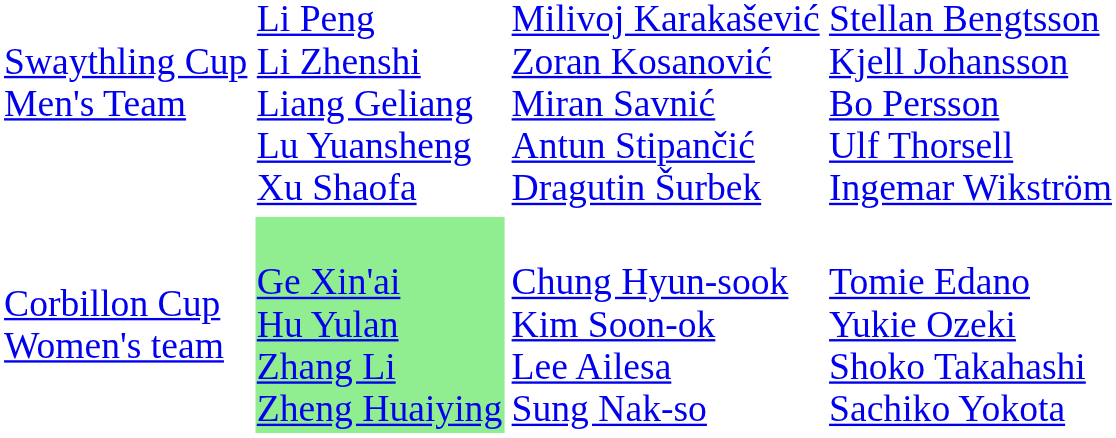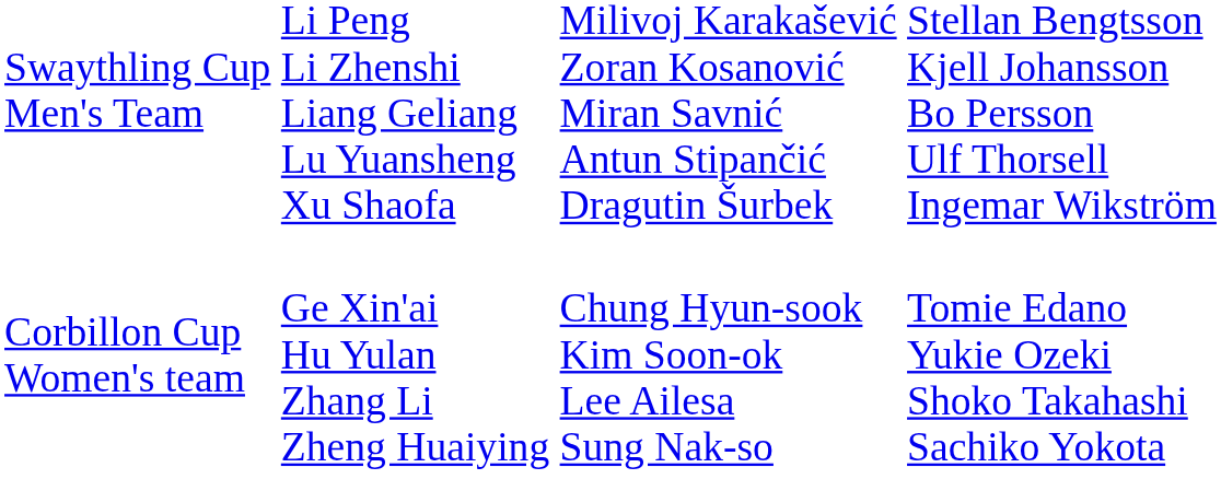 <table>
 <tr>
 <td><a href='#'>Swaythling Cup<br>Men's Team</a></td>
 <td><br><a href='#'>Li Peng</a><br><a href='#'>Li Zhenshi</a><br><a href='#'>Liang Geliang</a><br><a href='#'>Lu Yuansheng</a><br><a href='#'>Xu Shaofa</a></td>
 <td><br><a href='#'>Milivoj Karakašević</a><br><a href='#'>Zoran Kosanović</a><br><a href='#'>Miran Savnić</a><br><a href='#'>Antun Stipančić</a><br><a href='#'>Dragutin Šurbek</a></td>
 <td><br><a href='#'>Stellan Bengtsson</a><br><a href='#'>Kjell Johansson</a><br><a href='#'>Bo Persson</a><br><a href='#'>Ulf Thorsell</a><br><a href='#'>Ingemar Wikström</a></td>
 </tr>
 <tr>
 <td><a href='#'>Corbillon Cup<br>Women's team</a></td>
-<td style="background: lightgreen;"><br><a href='#'>Ge Xin'ai</a><br><a href='#'>Hu Yulan</a><br><a href='#'>Zhang Li</a><br><a href='#'>Zheng Huaiying</a></td>
+<td><br><a href='#'>Ge Xin'ai</a><br><a href='#'>Hu Yulan</a><br><a href='#'>Zhang Li</a><br><a href='#'>Zheng Huaiying</a></td>
 <td><br><a href='#'>Chung Hyun-sook</a><br><a href='#'>Kim Soon-ok</a><br><a href='#'>Lee Ailesa</a><br><a href='#'>Sung Nak-so</a></td>
 <td><br><a href='#'>Tomie Edano</a><br><a href='#'>Yukie Ozeki</a><br><a href='#'>Shoko Takahashi</a><br><a href='#'>Sachiko Yokota</a></td>
 </tr>
 </table>
